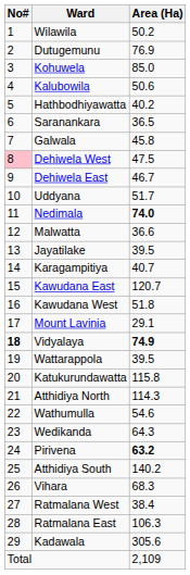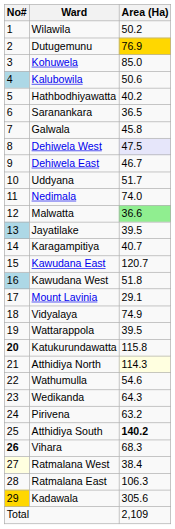 <table class="wikitable collapsible autocollapse" border-collapse:collapse;>
 <tr>
 <th>No#</th>
 <th>Ward</th>
 <th>Area (Ha)</th>
 </tr>
 <tr>
 <td>1</td>
 <td>Wilawila</td>
 <td>50.2</td>
 </tr>
 <tr>
 <td>2</td>
 <td>Dutugemunu</td>
-<td>76.9</td>
+<td style="background: gold;">76.9</td>
 </tr>
 <tr>
 <td>3</td>
 <td><a href='#'>Kohuwela</a></td>
 <td>85.0</td>
 </tr>
 <tr>
-<td>4</td>
+<td style="background: lightblue;">4</td>
 <td><a href='#'>Kalubowila</a></td>
 <td>50.6</td>
 </tr>
 <tr>
 <td>5</td>
 <td>Hathbodhiyawatta</td>
 <td>40.2</td>
 </tr>
 <tr>
 <td>6</td>
 <td>Saranankara</td>
 <td>36.5</td>
 </tr>
 <tr>
 <td>7</td>
 <td>Galwala</td>
 <td>45.8</td>
 </tr>
 <tr>
-<td style="background: pink;">8</td>
+<td>8</td>
 <td><a href='#'>Dehiwela West</a></td>
-<td>47.5</td>
+<td style="background: lavender;">47.5</td>
 </tr>
 <tr>
 <td>9</td>
 <td><a href='#'>Dehiwela East</a></td>
 <td>46.7</td>
 </tr>
 <tr>
 <td>10</td>
 <td>Uddyana</td>
 <td>51.7</td>
 </tr>
 <tr>
 <td>11</td>
 <td><a href='#'>Nedimala</a></td>
-<td><strong>74.0</strong></td>
+<td>74.0</td>
 </tr>
 <tr>
 <td>12</td>
 <td>Malwatta</td>
-<td>36.6</td>
+<td style="background: lightgreen;">36.6</td>
 </tr>
 <tr>
-<td>13</td>
+<td style="background: lightblue;">13</td>
 <td>Jayatilake</td>
 <td>39.5</td>
 </tr>
 <tr>
 <td>14</td>
 <td>Karagampitiya</td>
 <td>40.7</td>
 </tr>
 <tr>
 <td>15</td>
 <td><a href='#'>Kawudana East</a></td>
 <td>120.7</td>
 </tr>
 <tr>
-<td>16</td>
+<td style="background: lightblue;">16</td>
 <td>Kawudana West</td>
 <td>51.8</td>
 </tr>
 <tr>
 <td>17</td>
 <td><a href='#'>Mount Lavinia</a></td>
 <td>29.1</td>
 </tr>
 <tr>
-<td><strong>18</strong></td>
+<td>18</td>
 <td>Vidyalaya</td>
-<td><strong>74.9</strong></td>
+<td>74.9</td>
 </tr>
 <tr>
 <td>19</td>
 <td>Wattarappola</td>
 <td>39.5</td>
 </tr>
 <tr>
-<td>20</td>
+<td><strong>20</strong></td>
 <td>Katukurundawatta</td>
 <td>115.8</td>
 </tr>
 <tr>
 <td>21</td>
 <td>Atthidiya North</td>
-<td>114.3</td>
+<td style="background: lightyellow;">114.3</td>
 </tr>
 <tr>
 <td>22</td>
 <td>Wathumulla</td>
 <td>54.6</td>
 </tr>
 <tr>
 <td>23</td>
 <td>Wedikanda</td>
 <td>64.3</td>
 </tr>
 <tr>
 <td>24</td>
 <td>Pirivena</td>
-<td><strong>63.2</strong></td>
+<td>63.2</td>
 </tr>
 <tr>
 <td>25</td>
 <td>Atthidiya South</td>
-<td>140.2</td>
+<td><strong>140.2</strong></td>
 </tr>
 <tr>
-<td>26</td>
+<td><strong>26</strong></td>
 <td>Vihara</td>
 <td>68.3</td>
 </tr>
 <tr>
-<td>27</td>
+<td style="background: lightyellow;">27</td>
 <td>Ratmalana West</td>
 <td>38.4</td>
 </tr>
 <tr>
 <td>28</td>
 <td>Ratmalana East</td>
 <td>106.3</td>
 </tr>
 <tr>
-<td>29</td>
+<td style="background: gold;">29</td>
 <td>Kadawala</td>
 <td>305.6</td>
 </tr>
 <tr>
 <td colspan="2">Total</td>
 <td>2,109</td>
 </tr>
 </table>
